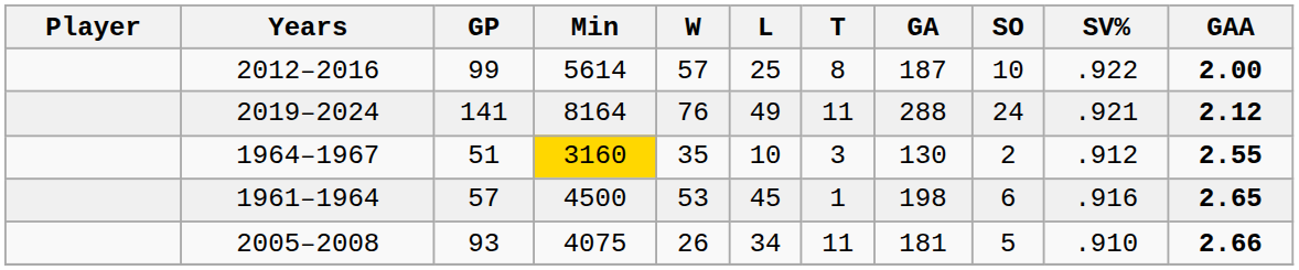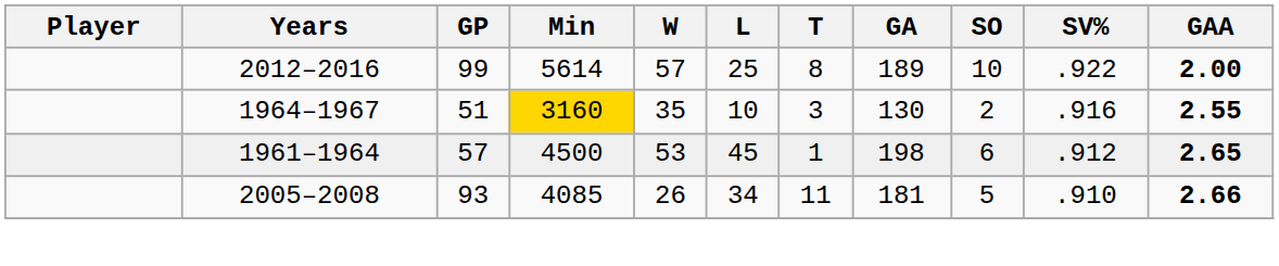 <table class="wikitable sortable" style="text-align:center" width=50%>
 <tr>
 <th>Player</th>
 <th>Years</th>
 <th>GP</th>
 <th>Min</th>
 <th>W</th>
 <th>L</th>
 <th>T</th>
 <th>GA</th>
 <th>SO</th>
 <th>SV%</th>
 <th>GAA</th>
 </tr>
 <tr>
 <td></td>
 <td>2012–2016</td>
 <td>99</td>
 <td>5614</td>
 <td>57</td>
 <td>25</td>
 <td>8</td>
-<td>187</td>
+<td>189</td>
 <td>10</td>
 <td>.922</td>
 <td><strong>2.00</strong></td>
-</tr>
-<tr bgcolor="f0f0f0">
-<td></td>
-<td>2019–2024</td>
-<td>141</td>
-<td>8164</td>
-<td>76</td>
-<td>49</td>
-<td>11</td>
-<td>288</td>
-<td>24</td>
-<td>.921</td>
-<td><strong>2.12</strong></td>
 </tr>
 <tr>
 <td></td>
 <td>1964–1967</td>
 <td>51</td>
 <td style="background: gold;">3160</td>
 <td>35</td>
 <td>10</td>
 <td>3</td>
 <td>130</td>
 <td>2</td>
-<td>.912</td>
+<td>.916</td>
 <td><strong>2.55</strong></td>
 </tr>
 <tr bgcolor="f0f0f0">
 <td></td>
 <td>1961–1964</td>
 <td>57</td>
 <td>4500</td>
 <td>53</td>
 <td>45</td>
 <td>1</td>
 <td>198</td>
 <td>6</td>
-<td>.916</td>
+<td>.912</td>
 <td><strong>2.65</strong></td>
 </tr>
 <tr>
 <td></td>
 <td>2005–2008</td>
 <td>93</td>
-<td>4075</td>
+<td>4085</td>
 <td>26</td>
 <td>34</td>
 <td>11</td>
 <td>181</td>
 <td>5</td>
 <td>.910</td>
 <td><strong>2.66</strong></td>
 </tr>
 <tr>
 </tr>
 </table>
